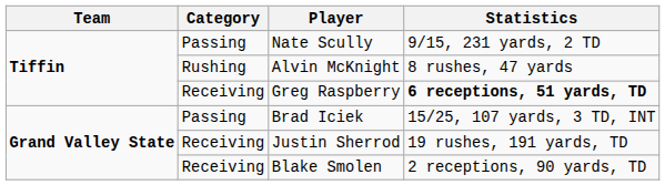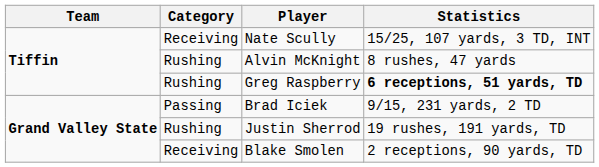 <table class="wikitable" style="float: right;">
 <tr>
 <th>Team</th>
 <th>Category</th>
 <th>Player</th>
 <th>Statistics</th>
 </tr>
 <tr>
 <td rowspan=3><strong>Tiffin</strong></td>
-<td>Passing</td>
+<td>Receiving</td>
 <td>Nate Scully</td>
-<td>9/15, 231 yards, 2 TD</td>
+<td>15/25, 107 yards, 3 TD, INT</td>
 </tr>
 <tr>
 <td>Rushing</td>
 <td>Alvin McKnight</td>
 <td>8 rushes, 47 yards</td>
 </tr>
 <tr>
-<td>Receiving</td>
+<td>Rushing</td>
 <td>Greg Raspberry</td>
 <td><strong>6 receptions, 51 yards, TD</strong></td>
 </tr>
 <tr>
 <td rowspan=3><strong>Grand Valley State</strong></td>
 <td>Passing</td>
 <td>Brad Iciek</td>
-<td>15/25, 107 yards, 3 TD, INT</td>
+<td>9/15, 231 yards, 2 TD</td>
 </tr>
 <tr>
-<td>Receiving</td>
+<td>Rushing</td>
 <td>Justin Sherrod</td>
 <td>19 rushes, 191 yards, TD</td>
 </tr>
 <tr>
 <td>Receiving</td>
 <td>Blake Smolen</td>
 <td>2 receptions, 90 yards, TD</td>
 </tr>
 </table>
